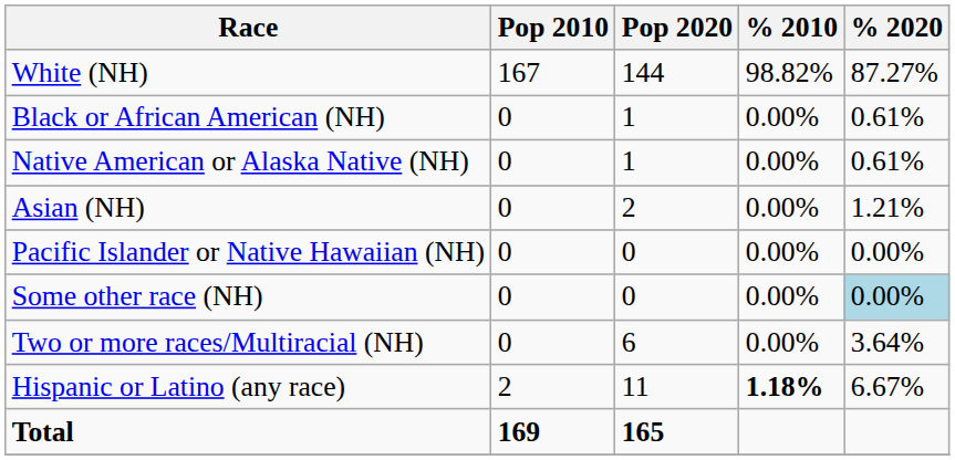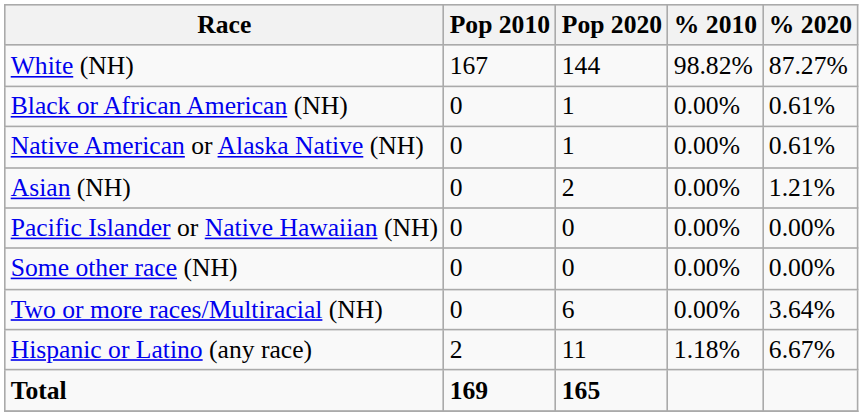 <table class="wikitable">
 <tr>
 <th>Race</th>
 <th>Pop 2010</th>
 <th>Pop 2020</th>
 <th>% 2010</th>
 <th>% 2020</th>
 </tr>
 <tr>
 <td><a href='#'>White</a> (NH)</td>
 <td>167</td>
 <td>144</td>
 <td>98.82%</td>
 <td>87.27%</td>
 </tr>
 <tr>
 <td><a href='#'>Black or African American</a> (NH)</td>
 <td>0</td>
 <td>1</td>
 <td>0.00%</td>
 <td>0.61%</td>
 </tr>
 <tr>
 <td><a href='#'>Native American</a> or <a href='#'>Alaska Native</a> (NH)</td>
 <td>0</td>
 <td>1</td>
 <td>0.00%</td>
 <td>0.61%</td>
 </tr>
 <tr>
 <td><a href='#'>Asian</a> (NH)</td>
 <td>0</td>
 <td>2</td>
 <td>0.00%</td>
 <td>1.21%</td>
 </tr>
 <tr>
 <td><a href='#'>Pacific Islander</a> or <a href='#'>Native Hawaiian</a> (NH)</td>
 <td>0</td>
 <td>0</td>
 <td>0.00%</td>
 <td>0.00%</td>
 </tr>
 <tr>
 <td><a href='#'>Some other race</a> (NH)</td>
 <td>0</td>
 <td>0</td>
 <td>0.00%</td>
-<td style="background: lightblue;">0.00%</td>
+<td>0.00%</td>
 </tr>
 <tr>
 <td><a href='#'>Two or more races/Multiracial</a> (NH)</td>
 <td>0</td>
 <td>6</td>
 <td>0.00%</td>
 <td>3.64%</td>
 </tr>
 <tr>
 <td><a href='#'>Hispanic or Latino</a> (any race)</td>
 <td>2</td>
 <td>11</td>
-<td><strong>1.18%</strong></td>
+<td>1.18%</td>
 <td>6.67%</td>
 </tr>
 <tr>
 <td><strong>Total</strong></td>
 <td><strong>169</strong></td>
 <td><strong>165</strong></td>
 <td></td>
 <td></td>
 </tr>
 <tr>
 </tr>
 </table>
